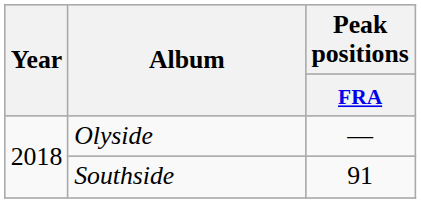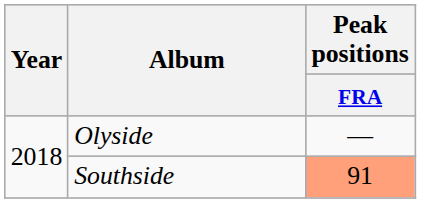 <table class="wikitable">
 <tr>
 <th rowspan="2" style="text-align:center; width:10px;">Year</th>
 <th rowspan="2" style="text-align:center; width:140px;">Album</th>
 <th style="text-align:center;" colspan="1">Peak positions</th>
 </tr>
 <tr>
 <th width="40"><small><a href='#'>FRA</a></small><br></th>
 </tr>
 <tr>
 <td style="text-align:center;" rowspan=2>2018</td>
 <td><em>Olyside</em></td>
 <td style="text-align:center;">—</td>
 </tr>
 <tr>
 <td><em>Southside</em></td>
-<td style="text-align:center;">91</td>
+<td style="background: lightsalmon; text-align:center;">91</td>
 </tr>
 </table>
